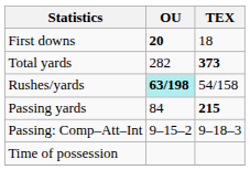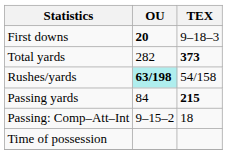 <table class="wikitable" style="float: left;">
 <tr>
 <th>Statistics</th>
 <th>OU</th>
 <th>TEX</th>
 </tr>
 <tr>
 <td>First downs</td>
 <td><strong>20</strong></td>
-<td>18</td>
+<td>9–18–3</td>
 </tr>
 <tr>
 <td>Total yards</td>
 <td>282</td>
 <td><strong>373</strong></td>
 </tr>
 <tr>
 <td>Rushes/yards</td>
 <td style="background: paleturquoise;"><strong>63/198</strong></td>
 <td>54/158</td>
 </tr>
 <tr>
 <td>Passing yards</td>
 <td>84</td>
 <td><strong>215</strong></td>
 </tr>
 <tr>
 <td>Passing: Comp–Att–Int</td>
 <td>9–15–2</td>
-<td>9–18–3</td>
+<td>18</td>
 </tr>
 <tr>
 <td>Time of possession</td>
 <td></td>
 <td></td>
 </tr>
 <tr>
 </tr>
 </table>
